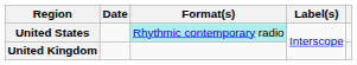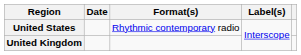 <table class="wikitable plainrowheaders">
 <tr>
 <th scope="col">Region</th>
 <th scope="col">Date</th>
 <th scope="col">Format(s)</th>
 <th scope="col">Label(s)</th>
 <th scope="col"></th>
 </tr>
 <tr>
 <th scope="row">United States</th>
 <td></td>
-<td style="background: paleturquoise;"><a href='#'>Rhythmic contemporary</a> radio</td>
+<td><a href='#'>Rhythmic contemporary</a> radio</td>
 <td rowspan="2"><a href='#'>Interscope</a></td>
 <td></td>
 </tr>
 <tr>
 <th scope="row">United Kingdom</th>
 <td></td>
 <td></td>
 <td></td>
 </tr>
 </table>
